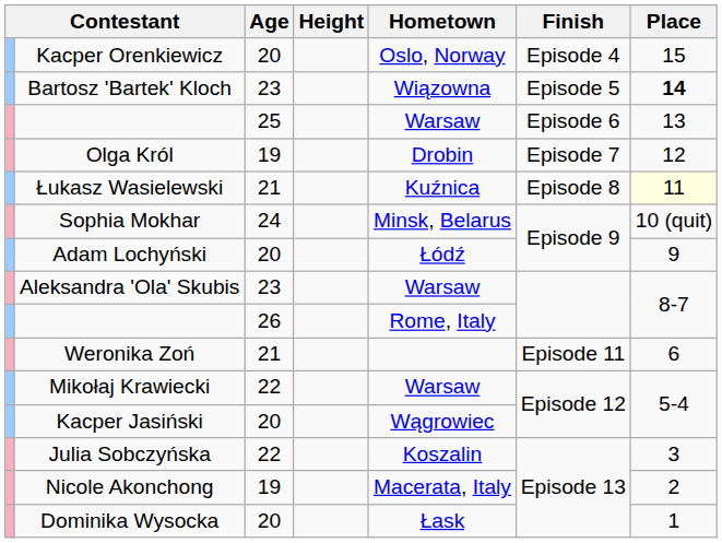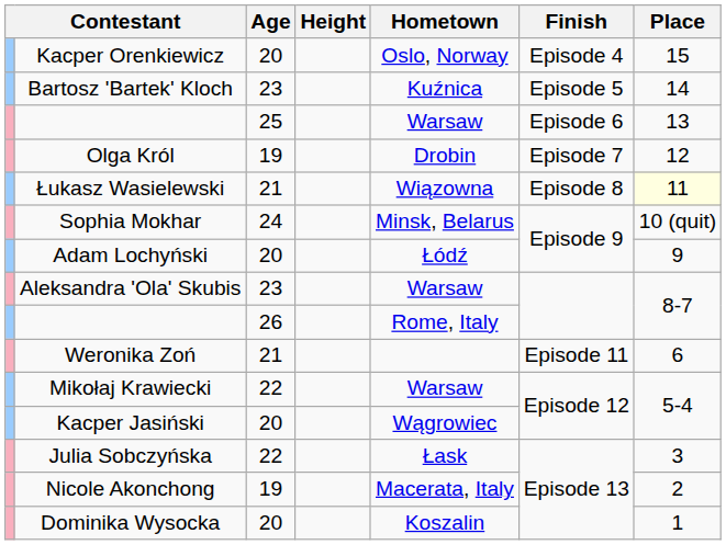 <table class="wikitable sortable" style="text-align:center;">
 <tr>
 <th colspan="2">Contestant</th>
 <th>Age</th>
 <th>Height</th>
 <th>Hometown</th>
 <th>Finish</th>
 <th>Place</th>
 </tr>
 <tr>
 <td style="background:#9cf;"></td>
 <td>Kacper Orenkiewicz</td>
 <td>20</td>
 <td nowrap></td>
 <td><a href='#'>Oslo</a>, <a href='#'>Norway</a></td>
 <td nowrap>Episode 4</td>
 <td>15</td>
 </tr>
 <tr>
 <td style="background:#9cf;"></td>
 <td>Bartosz 'Bartek' Kloch</td>
 <td>23</td>
 <td nowrap></td>
-<td><a href='#'>Wiązowna</a></td>
+<td><a href='#'>Kuźnica</a></td>
 <td>Episode 5</td>
-<td><strong>14</strong></td>
+<td>14</td>
 </tr>
 <tr>
 <td style="background:#faafbe"></td>
 <td></td>
 <td>25</td>
 <td></td>
 <td><a href='#'>Warsaw</a></td>
 <td>Episode 6</td>
 <td>13</td>
 </tr>
 <tr>
 <td style="background:#faafbe"></td>
 <td>Olga Król</td>
 <td>19</td>
 <td></td>
 <td><a href='#'>Drobin</a></td>
 <td>Episode 7</td>
 <td>12</td>
 </tr>
 <tr>
 <td style="background:#9cf;"></td>
 <td>Łukasz Wasielewski</td>
 <td>21</td>
 <td></td>
-<td><a href='#'>Kuźnica</a></td>
+<td><a href='#'>Wiązowna</a></td>
 <td>Episode 8</td>
 <td style="background: lightyellow;">11</td>
 </tr>
 <tr>
 <td style="background:#faafbe"></td>
 <td>Sophia Mokhar</td>
 <td>24</td>
 <td></td>
 <td><a href='#'>Minsk</a>, <a href='#'>Belarus</a></td>
 <td rowspan="2">Episode 9</td>
 <td nowrap>10 (quit)</td>
 </tr>
 <tr>
 <td style="background:#9cf;"></td>
 <td>Adam Lochyński</td>
 <td>20</td>
 <td></td>
 <td><a href='#'>Łódź</a></td>
 <td>9</td>
 </tr>
 <tr>
 <td style="background:#faafbe"></td>
 <td>Aleksandra 'Ola' Skubis</td>
 <td>23</td>
 <td></td>
 <td><a href='#'>Warsaw</a></td>
 <td rowspan="2"></td>
 <td rowspan="2">8-7</td>
 </tr>
 <tr>
 <td style="background:#9cf;"></td>
 <td></td>
 <td>26</td>
 <td></td>
 <td><a href='#'>Rome</a>, <a href='#'>Italy</a></td>
 </tr>
 <tr>
 <td style="background:#faafbe"></td>
 <td>Weronika Zoń</td>
 <td>21</td>
 <td></td>
 <td></td>
 <td>Episode 11</td>
 <td>6</td>
 </tr>
 <tr>
 <td style="background:#9cf;"></td>
 <td>Mikołaj Krawiecki</td>
 <td>22</td>
 <td></td>
 <td><a href='#'>Warsaw</a></td>
 <td rowspan="2">Episode 12</td>
 <td rowspan="2">5-4</td>
 </tr>
 <tr>
 <td style="background:#9cf;"></td>
 <td>Kacper Jasiński</td>
 <td>20</td>
 <td></td>
 <td><a href='#'>Wągrowiec</a></td>
 </tr>
 <tr>
 <td style="background:#faafbe"></td>
 <td>Julia Sobczyńska</td>
 <td>22</td>
 <td></td>
-<td><a href='#'>Koszalin</a></td>
+<td><a href='#'>Łask</a></td>
 <td rowspan="3">Episode 13</td>
 <td>3</td>
 </tr>
 <tr>
 <td style="background:#faafbe"></td>
 <td>Nicole Akonchong</td>
 <td>19</td>
 <td></td>
 <td><a href='#'>Macerata</a>, <a href='#'>Italy</a></td>
 <td>2</td>
 </tr>
 <tr>
 <td style="background:#faafbe"></td>
 <td>Dominika Wysocka</td>
 <td>20</td>
 <td></td>
-<td><a href='#'>Łask</a></td>
+<td><a href='#'>Koszalin</a></td>
 <td>1</td>
 </tr>
 </table>
